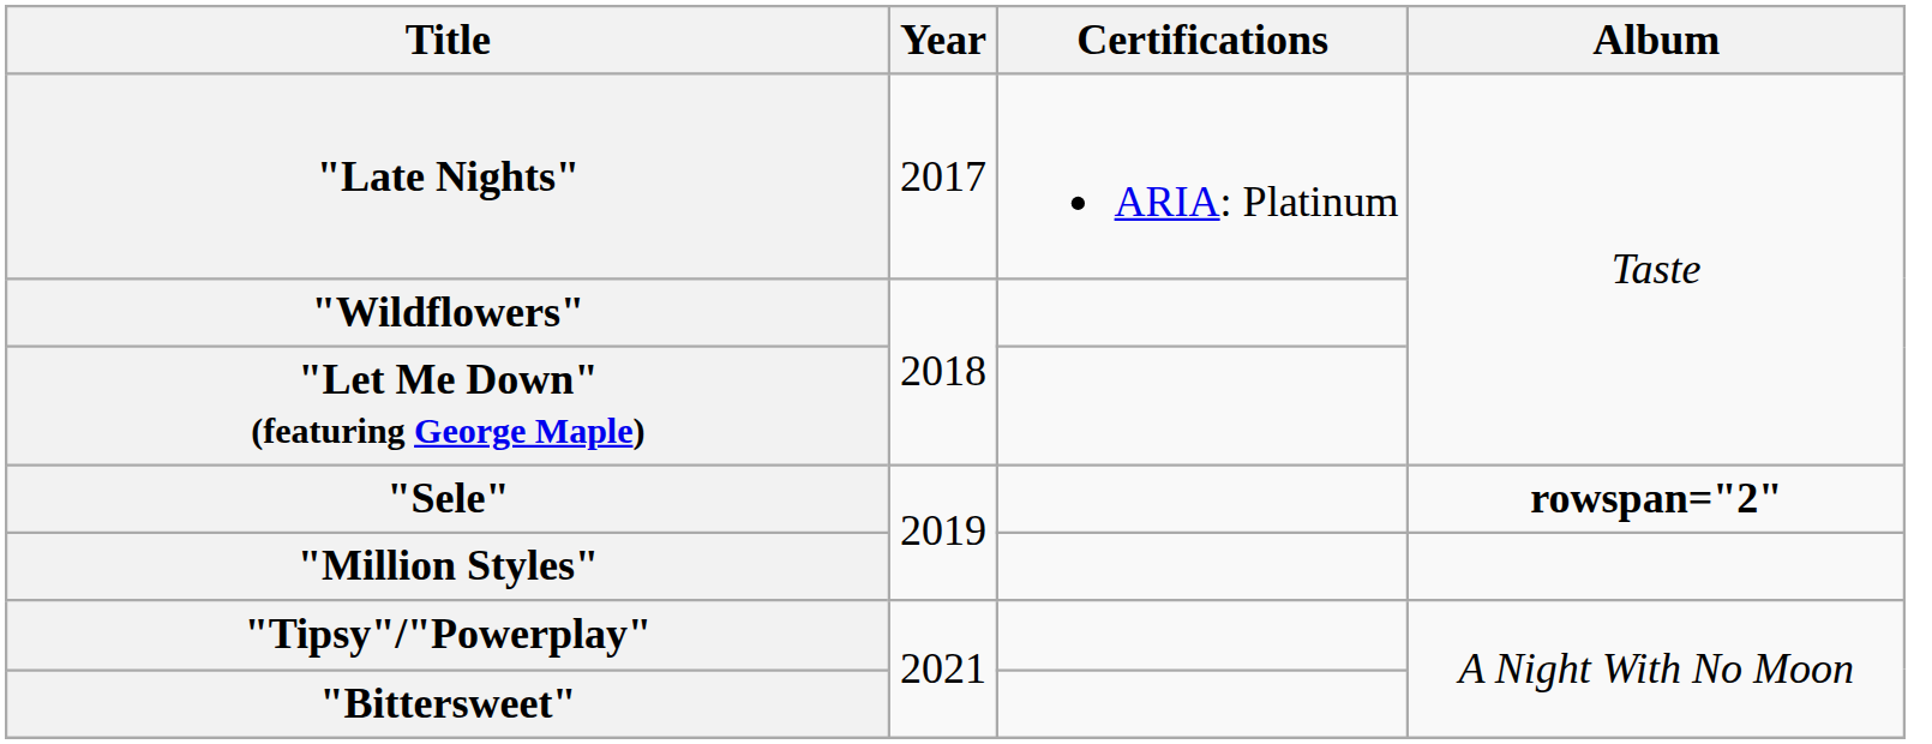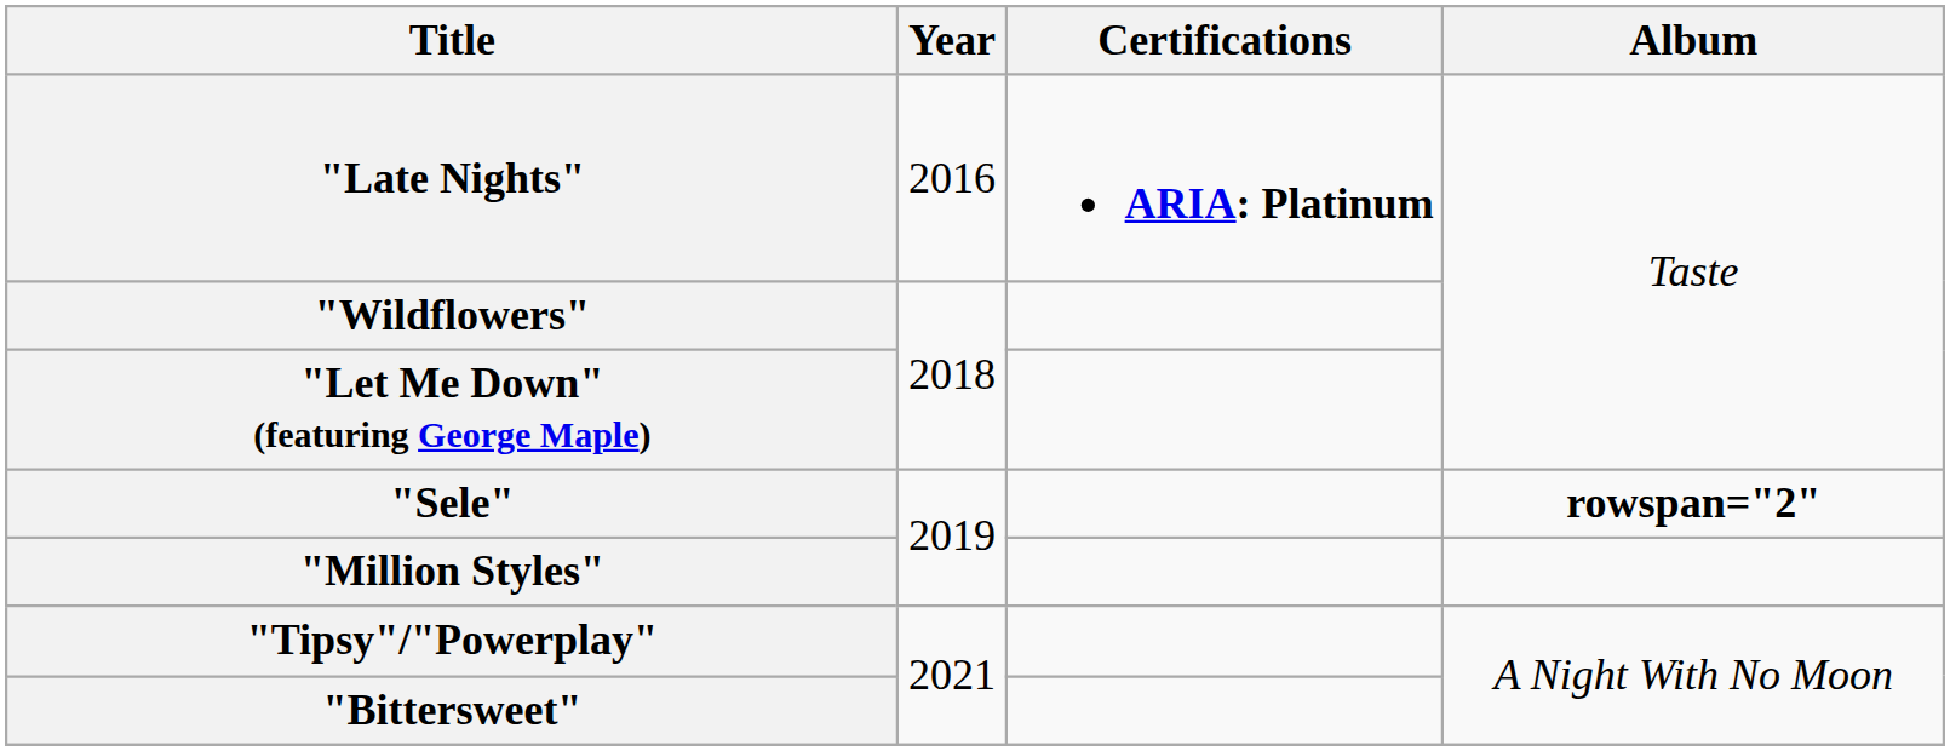 <table class="wikitable plainrowheaders" style="text-align:center;">
 <tr>
 <th scope="col" style="width:20em;">Title</th>
 <th scope="col" style="width:1em;">Year</th>
 <th>Certifications</th>
 <th scope="col" style="width:11em;">Album</th>
 </tr>
 <tr>
 <th scope="row">"Late Nights"</th>
-<td>2017</td>
-<td><br><ul><li><a href='#'>ARIA</a>: Platinum</li></ul></td>
+<td>2016</td>
+<td><strong><br><ul><li><a href='#'>ARIA</a>: Platinum</li></ul></strong></td>
 <td rowspan="3"><em>Taste</em></td>
 </tr>
 <tr>
 <th scope="row">"Wildflowers"</th>
 <td rowspan="2">2018</td>
 <td></td>
 </tr>
 <tr>
 <th scope="row">"Let Me Down"<br><small>(featuring <a href='#'>George Maple</a>)</small></th>
 <td></td>
 </tr>
 <tr>
 <th scope="row">"Sele"</th>
 <td rowspan="2">2019</td>
 <td></td>
 <td><strong>rowspan="2" </strong></td>
 </tr>
 <tr>
 <th scope="row">"Million Styles"</th>
 <td></td>
 </tr>
 <tr>
 <th scope="row">"Tipsy"/"Powerplay"</th>
 <td rowspan="2">2021</td>
 <td></td>
 <td rowspan="2"><em>A Night With No Moon</em></td>
 </tr>
 <tr>
 <th scope="row">"Bittersweet"</th>
 <td></td>
 </tr>
 <tr>
 </tr>
 </table>
